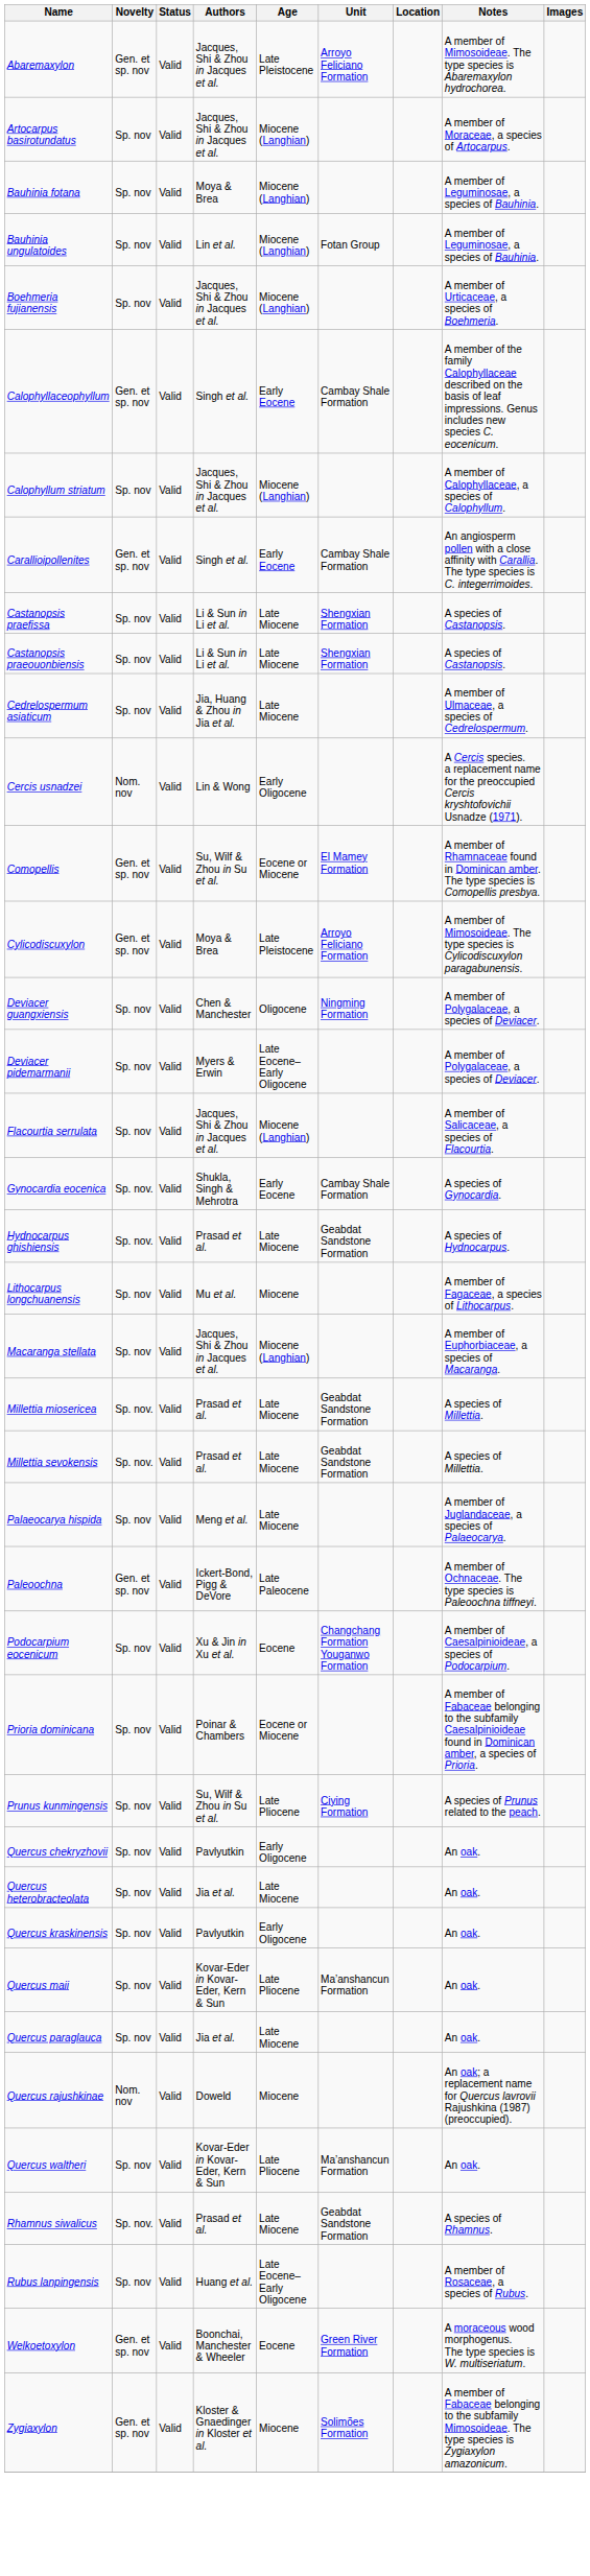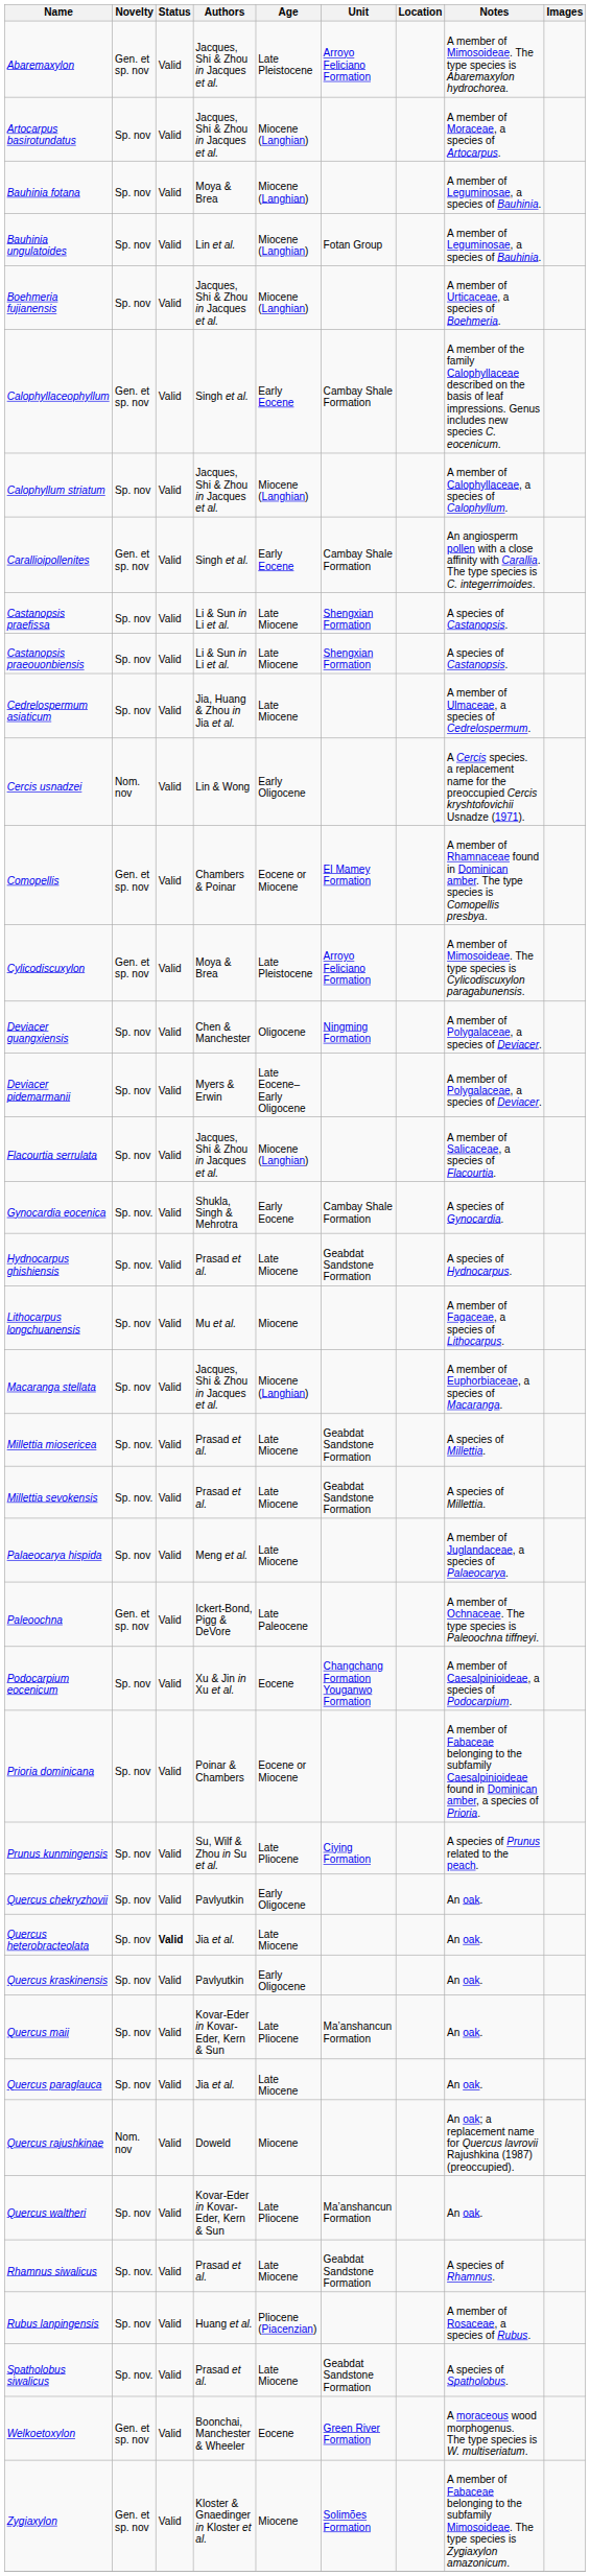 <table class="wikitable sortable" align="center" width="100%">
 <tr>
 <th>Name</th>
 <th>Novelty</th>
 <th>Status</th>
 <th>Authors</th>
 <th>Age</th>
 <th>Unit</th>
 <th>Location</th>
 <th>Notes</th>
 <th>Images</th>
 </tr>
 <tr>
 <td><br><em><a href='#'>Abaremaxylon</a></em></td>
 <td><br>Gen. et sp. nov</td>
 <td><br>Valid</td>
 <td><br>Jacques, Shi & Zhou <em>in</em> Jacques <em>et al.</em></td>
 <td><br>Late Pleistocene</td>
 <td><br><a href='#'>Arroyo Feliciano Formation</a></td>
 <td><br></td>
 <td><br>A member of <a href='#'>Mimosoideae</a>. The type species is <em>Abaremaxylon hydrochorea</em>.</td>
 <td></td>
 </tr>
 <tr>
 <td><br><em><a href='#'>Artocarpus basirotundatus</a></em></td>
 <td><br>Sp. nov</td>
 <td><br>Valid</td>
 <td><br>Jacques, Shi & Zhou <em>in</em> Jacques <em>et al.</em></td>
 <td><br>Miocene (<a href='#'>Langhian</a>)</td>
 <td></td>
 <td><br></td>
 <td><br>A member of <a href='#'>Moraceae</a>, a species of <em><a href='#'>Artocarpus</a></em>.</td>
 <td></td>
 </tr>
 <tr>
 <td><br><em><a href='#'>Bauhinia fotana</a></em></td>
 <td><br>Sp. nov</td>
 <td><br>Valid</td>
 <td><br>Moya & Brea</td>
 <td><br>Miocene (<a href='#'>Langhian</a>)</td>
 <td></td>
 <td><br></td>
 <td><br>A member of <a href='#'>Leguminosae</a>, a species of <em><a href='#'>Bauhinia</a></em>.</td>
 <td></td>
 </tr>
 <tr>
 <td><br><em><a href='#'>Bauhinia ungulatoides</a></em></td>
 <td><br>Sp. nov</td>
 <td><br>Valid</td>
 <td><br>Lin <em>et al.</em></td>
 <td><br>Miocene (<a href='#'>Langhian</a>)</td>
 <td><br>Fotan Group</td>
 <td><br></td>
 <td><br>A member of <a href='#'>Leguminosae</a>, a species of <em><a href='#'>Bauhinia</a></em>.</td>
 <td></td>
 </tr>
 <tr>
 <td><br><em><a href='#'>Boehmeria fujianensis</a></em></td>
 <td><br>Sp. nov</td>
 <td><br>Valid</td>
 <td><br>Jacques, Shi & Zhou <em>in</em> Jacques <em>et al.</em></td>
 <td><br>Miocene (<a href='#'>Langhian</a>)</td>
 <td></td>
 <td><br></td>
 <td><br>A member of <a href='#'>Urticaceae</a>, a species of <em><a href='#'>Boehmeria</a></em>.</td>
 <td></td>
 </tr>
 <tr>
 <td><br><em><a href='#'>Calophyllaceophyllum</a></em></td>
 <td><br>Gen. et sp. nov</td>
 <td><br>Valid</td>
 <td><br>Singh <em>et al.</em></td>
 <td><br>Early <a href='#'>Eocene</a></td>
 <td><br>Cambay Shale Formation</td>
 <td><br></td>
 <td><br>A member of the family <a href='#'>Calophyllaceae</a> described on the basis of leaf impressions. Genus includes new species <em>C. eocenicum</em>.</td>
 <td></td>
 </tr>
 <tr>
 <td><br><em><a href='#'>Calophyllum striatum</a></em></td>
 <td><br>Sp. nov</td>
 <td><br>Valid</td>
 <td><br>Jacques, Shi & Zhou <em>in</em> Jacques <em>et al.</em></td>
 <td><br>Miocene (<a href='#'>Langhian</a>)</td>
 <td></td>
 <td><br></td>
 <td><br>A member of <a href='#'>Calophyllaceae</a>, a species of <em><a href='#'>Calophyllum</a></em>.</td>
 <td></td>
 </tr>
 <tr>
 <td><br><em><a href='#'>Carallioipollenites</a></em></td>
 <td><br>Gen. et sp. nov</td>
 <td><br>Valid</td>
 <td><br>Singh <em>et al.</em></td>
 <td><br>Early <a href='#'>Eocene</a></td>
 <td><br>Cambay Shale Formation</td>
 <td><br></td>
 <td><br>An angiosperm <a href='#'>pollen</a> with a close affinity with <em><a href='#'>Carallia</a></em>.<br> The type species is <em>C. integerrimoides</em>.</td>
 <td></td>
 </tr>
 <tr>
 <td><br><em><a href='#'>Castanopsis praefissa</a></em></td>
 <td><br>Sp. nov</td>
 <td><br>Valid</td>
 <td><br>Li & Sun <em>in</em> Li <em>et al.</em></td>
 <td><br>Late Miocene</td>
 <td><br><a href='#'>Shengxian Formation</a></td>
 <td><br></td>
 <td><br>A species of <em><a href='#'>Castanopsis</a></em>.</td>
 <td></td>
 </tr>
 <tr>
 <td><br><em><a href='#'>Castanopsis praeouonbiensis</a></em></td>
 <td><br>Sp. nov</td>
 <td><br>Valid</td>
 <td><br>Li & Sun <em>in</em> Li <em>et al.</em></td>
 <td><br>Late Miocene</td>
 <td><br><a href='#'>Shengxian Formation</a></td>
 <td><br></td>
 <td><br>A species of <em><a href='#'>Castanopsis</a></em>.</td>
 <td></td>
 </tr>
 <tr>
 <td><br><em><a href='#'>Cedrelospermum asiaticum</a></em></td>
 <td><br>Sp. nov</td>
 <td><br>Valid</td>
 <td><br>Jia, Huang & Zhou <em>in</em> Jia <em>et al.</em></td>
 <td><br>Late Miocene</td>
 <td></td>
 <td><br></td>
 <td><br>A member of <a href='#'>Ulmaceae</a>, a species of <em><a href='#'>Cedrelospermum</a></em>.</td>
 <td></td>
 </tr>
 <tr>
 <td><br><em><a href='#'>Cercis usnadzei</a></em></td>
 <td><br>Nom. nov</td>
 <td><br>Valid</td>
 <td><br>Lin & Wong</td>
 <td><br>Early Oligocene</td>
 <td></td>
 <td><br></td>
 <td><br>A <em><a href='#'>Cercis</a></em> species.<br> a replacement name for the preoccupied <em>Cercis kryshtofovichii</em> Usnadze (<a href='#'>1971</a>).</td>
 <td></td>
 </tr>
 <tr>
 <td><br><em><a href='#'>Comopellis</a></em></td>
 <td><br>Gen. et sp. nov</td>
 <td><br>Valid</td>
-<td><br>Su, Wilf & Zhou <em>in</em> Su <em>et al.</em></td>
+<td><br>Chambers & Poinar</td>
 <td><br>Eocene or Miocene</td>
 <td><a href='#'>El Mamey Formation</a></td>
 <td><br></td>
 <td><br>A member of <a href='#'>Rhamnaceae</a> found in <a href='#'>Dominican amber</a>. The type species is <em>Comopellis presbya</em>.</td>
 <td></td>
 </tr>
 <tr>
 <td><br><em><a href='#'>Cylicodiscuxylon</a></em></td>
 <td><br>Gen. et sp. nov</td>
 <td><br>Valid</td>
 <td><br>Moya & Brea</td>
 <td><br>Late Pleistocene</td>
 <td><br><a href='#'>Arroyo Feliciano Formation</a></td>
 <td><br></td>
 <td><br>A member of <a href='#'>Mimosoideae</a>. The type species is <em>Cylicodiscuxylon paragabunensis</em>.</td>
 <td></td>
 </tr>
 <tr>
 <td><br><em><a href='#'>Deviacer guangxiensis</a></em></td>
 <td><br>Sp. nov</td>
 <td><br>Valid</td>
 <td><br>Chen & Manchester</td>
 <td><br>Oligocene</td>
 <td><br><a href='#'>Ningming Formation</a></td>
 <td><br></td>
 <td><br>A member of <a href='#'>Polygalaceae</a>, a species of <em><a href='#'>Deviacer</a></em>.</td>
 <td></td>
 </tr>
 <tr>
 <td><br><em><a href='#'>Deviacer pidemarmanii</a></em></td>
 <td><br>Sp. nov</td>
 <td><br>Valid</td>
 <td><br>Myers & Erwin</td>
 <td><br>Late Eocene–Early Oligocene</td>
 <td></td>
 <td><br></td>
 <td><br>A member of <a href='#'>Polygalaceae</a>, a species of <em><a href='#'>Deviacer</a></em>.</td>
 <td></td>
 </tr>
 <tr>
 <td><br><em><a href='#'>Flacourtia serrulata</a></em></td>
 <td><br>Sp. nov</td>
 <td><br>Valid</td>
 <td><br>Jacques, Shi & Zhou <em>in</em> Jacques <em>et al.</em></td>
 <td><br>Miocene (<a href='#'>Langhian</a>)</td>
 <td></td>
 <td><br></td>
 <td><br>A member of <a href='#'>Salicaceae</a>, a species of <em><a href='#'>Flacourtia</a></em>.</td>
 <td></td>
 </tr>
 <tr>
 <td><br><em><a href='#'>Gynocardia eocenica</a></em></td>
 <td><br>Sp. nov.</td>
 <td><br>Valid</td>
 <td><br>Shukla, Singh & Mehrotra</td>
 <td><br>Early Eocene</td>
 <td><br>Cambay Shale Formation</td>
 <td><br></td>
 <td><br>A species of <em><a href='#'>Gynocardia</a></em>.</td>
 <td></td>
 </tr>
 <tr>
 <td><br><em><a href='#'>Hydnocarpus ghishiensis</a></em></td>
 <td><br>Sp. nov.</td>
 <td><br>Valid</td>
 <td><br>Prasad <em>et al.</em></td>
 <td><br>Late Miocene</td>
 <td><br>Geabdat Sandstone Formation</td>
 <td><br></td>
 <td><br>A species of <em><a href='#'>Hydnocarpus</a></em>.</td>
 <td></td>
 </tr>
 <tr>
 <td><br><em><a href='#'>Lithocarpus longchuanensis</a></em></td>
 <td><br>Sp. nov</td>
 <td><br>Valid</td>
 <td><br>Mu <em>et al.</em></td>
 <td><br>Miocene</td>
 <td></td>
 <td><br></td>
 <td><br>A member of <a href='#'>Fagaceae</a>, a species of <em><a href='#'>Lithocarpus</a></em>.</td>
 <td></td>
 </tr>
 <tr>
 <td><br><em><a href='#'>Macaranga stellata</a></em></td>
 <td><br>Sp. nov</td>
 <td><br>Valid</td>
 <td><br>Jacques, Shi & Zhou <em>in</em> Jacques <em>et al.</em></td>
 <td><br>Miocene (<a href='#'>Langhian</a>)</td>
 <td></td>
 <td><br></td>
 <td><br>A member of <a href='#'>Euphorbiaceae</a>, a species of <em><a href='#'>Macaranga</a></em>.</td>
 <td></td>
 </tr>
 <tr>
 <td><br><em><a href='#'>Millettia miosericea</a></em></td>
 <td><br>Sp. nov.</td>
 <td><br>Valid</td>
 <td><br>Prasad <em>et al.</em></td>
 <td><br>Late Miocene</td>
 <td><br>Geabdat Sandstone Formation</td>
 <td><br></td>
 <td><br>A species of <em><a href='#'>Millettia</a></em>.</td>
 <td></td>
 </tr>
 <tr>
 <td><br><em><a href='#'>Millettia sevokensis</a></em></td>
 <td><br>Sp. nov.</td>
 <td><br>Valid</td>
 <td><br>Prasad <em>et al.</em></td>
 <td><br>Late Miocene</td>
 <td><br>Geabdat Sandstone Formation</td>
 <td><br></td>
 <td><br>A species of <em>Millettia</em>.</td>
 <td></td>
 </tr>
 <tr>
 <td><br><em><a href='#'>Palaeocarya hispida</a></em></td>
 <td><br>Sp. nov</td>
 <td><br>Valid</td>
 <td><br>Meng <em>et al.</em></td>
 <td><br>Late Miocene</td>
 <td></td>
 <td><br></td>
 <td><br>A member of <a href='#'>Juglandaceae</a>, a species of <em><a href='#'>Palaeocarya</a></em>.</td>
 <td></td>
 </tr>
 <tr>
 <td><br><em><a href='#'>Paleoochna</a></em></td>
 <td><br>Gen. et sp. nov</td>
 <td><br>Valid</td>
 <td><br>Ickert-Bond, Pigg & DeVore</td>
 <td><br>Late Paleocene</td>
 <td></td>
 <td><br></td>
 <td><br>A member of <a href='#'>Ochnaceae</a>. The type species is <em>Paleoochna tiffneyi</em>.</td>
 <td></td>
 </tr>
 <tr>
 <td><br><em><a href='#'>Podocarpium eocenicum</a></em></td>
 <td><br>Sp. nov</td>
 <td><br>Valid</td>
 <td><br>Xu & Jin <em>in</em> Xu <em>et al.</em></td>
 <td><br>Eocene</td>
 <td><br><a href='#'>Changchang Formation</a><br> <a href='#'>Youganwo Formation</a></td>
 <td><br></td>
 <td><br>A member of <a href='#'>Caesalpinioideae</a>, a species of <em><a href='#'>Podocarpium</a></em>.</td>
 <td></td>
 </tr>
 <tr>
 <td><br><em><a href='#'>Prioria dominicana</a></em></td>
 <td><br>Sp. nov</td>
 <td><br>Valid</td>
 <td><br>Poinar & Chambers</td>
 <td><br>Eocene or Miocene</td>
 <td></td>
 <td><br></td>
 <td><br>A member of <a href='#'>Fabaceae</a> belonging to the subfamily <a href='#'>Caesalpinioideae</a> found in <a href='#'>Dominican amber</a>, a species of <em><a href='#'>Prioria</a></em>.</td>
 <td></td>
 </tr>
 <tr>
 <td><br><em><a href='#'>Prunus kunmingensis</a></em></td>
 <td><br>Sp. nov</td>
 <td><br>Valid</td>
 <td><br>Su, Wilf & Zhou <em>in</em> Su <em>et al.</em></td>
 <td><br>Late Pliocene</td>
 <td><br><a href='#'>Ciying Formation</a></td>
 <td><br></td>
 <td><br>A species of <em><a href='#'>Prunus</a></em> related to the <a href='#'>peach</a>.</td>
 <td></td>
 </tr>
 <tr>
 <td><br><em><a href='#'>Quercus chekryzhovii</a></em></td>
 <td><br>Sp. nov</td>
 <td><br>Valid</td>
 <td><br>Pavlyutkin</td>
 <td><br>Early Oligocene</td>
 <td></td>
 <td><br></td>
 <td><br>An <a href='#'>oak</a>.</td>
 <td></td>
 </tr>
 <tr>
 <td><br><em><a href='#'>Quercus heterobracteolata</a></em></td>
 <td><br>Sp. nov</td>
-<td><br>Valid</td>
+<td><strong><br>Valid</strong></td>
 <td><br>Jia <em>et al.</em></td>
 <td><br>Late Miocene</td>
 <td></td>
 <td><br></td>
 <td><br>An <a href='#'>oak</a>.</td>
 <td></td>
 </tr>
 <tr>
 <td><br><em><a href='#'>Quercus kraskinensis</a></em></td>
 <td><br>Sp. nov</td>
 <td><br>Valid</td>
 <td><br>Pavlyutkin</td>
 <td><br>Early Oligocene</td>
 <td></td>
 <td><br></td>
 <td><br>An <a href='#'>oak</a>.</td>
 <td></td>
 </tr>
 <tr>
 <td><br><em><a href='#'>Quercus maii</a></em></td>
 <td><br>Sp. nov</td>
 <td><br>Valid</td>
 <td><br>Kovar-Eder <em>in</em> Kovar-Eder, Kern & Sun</td>
 <td><br>Late Pliocene</td>
 <td><br>Ma’anshancun Formation</td>
 <td><br></td>
 <td><br>An <a href='#'>oak</a>.</td>
 <td></td>
 </tr>
 <tr>
 <td><br><em><a href='#'>Quercus paraglauca</a></em></td>
 <td><br>Sp. nov</td>
 <td><br>Valid</td>
 <td><br>Jia <em>et al.</em></td>
 <td><br>Late Miocene</td>
 <td></td>
 <td><br></td>
 <td><br>An <a href='#'>oak</a>.</td>
 <td></td>
 </tr>
 <tr>
 <td><br><em><a href='#'>Quercus rajushkinae</a></em></td>
 <td><br>Nom. nov</td>
 <td><br>Valid</td>
 <td><br>Doweld</td>
 <td><br>Miocene</td>
 <td></td>
 <td><br></td>
 <td><br>An <a href='#'>oak</a>; a replacement name for <em>Quercus lavrovii</em> Rajushkina (1987) (preoccupied).</td>
 <td></td>
 </tr>
 <tr>
 <td><br><em><a href='#'>Quercus waltheri</a></em></td>
 <td><br>Sp. nov</td>
 <td><br>Valid</td>
 <td><br>Kovar-Eder <em>in</em> Kovar-Eder, Kern & Sun</td>
 <td><br>Late Pliocene</td>
 <td><br>Ma’anshancun Formation</td>
 <td><br></td>
 <td><br>An <a href='#'>oak</a>.</td>
 <td></td>
 </tr>
 <tr>
 <td><br><em><a href='#'>Rhamnus siwalicus</a></em></td>
 <td><br>Sp. nov.</td>
 <td><br>Valid</td>
 <td><br>Prasad <em>et al.</em></td>
 <td><br>Late Miocene</td>
 <td><br>Geabdat Sandstone Formation</td>
 <td><br></td>
 <td><br>A species of <em><a href='#'>Rhamnus</a></em>.</td>
 <td></td>
 </tr>
 <tr>
 <td><br><em><a href='#'>Rubus lanpingensis</a></em></td>
 <td><br>Sp. nov</td>
 <td><br>Valid</td>
 <td><br>Huang <em>et al.</em></td>
-<td><br>Late Eocene–Early Oligocene</td>
+<td><br>Pliocene (<a href='#'>Piacenzian</a>)</td>
 <td></td>
 <td><br></td>
 <td><br>A member of <a href='#'>Rosaceae</a>, a species of <em><a href='#'>Rubus</a></em>.</td>
+<td></td>
+</tr>
+<tr>
+<td><br><em><a href='#'>Spatholobus siwalicus</a></em></td>
+<td><br>Sp. nov.</td>
+<td><br>Valid</td>
+<td><br>Prasad <em>et al.</em></td>
+<td><br>Late Miocene</td>
+<td><br>Geabdat Sandstone Formation</td>
+<td><br></td>
+<td><br>A species of <em><a href='#'>Spatholobus</a></em>.</td>
 <td></td>
 </tr>
 <tr>
 <td><br><em><a href='#'>Welkoetoxylon</a></em></td>
 <td><br>Gen. et sp. nov</td>
 <td><br>Valid</td>
 <td><br>Boonchai, Manchester & Wheeler</td>
 <td><br>Eocene</td>
 <td><br><a href='#'>Green River Formation</a></td>
 <td><br><br></td>
 <td><br>A <a href='#'>moraceous</a> wood morphogenus.<br> The type species is <em>W. multiseriatum</em>.</td>
 <td></td>
 </tr>
 <tr>
 <td><br><em><a href='#'>Zygiaxylon</a></em></td>
 <td><br>Gen. et sp. nov</td>
 <td><br>Valid</td>
 <td><br>Kloster & Gnaedinger <em>in</em> Kloster <em>et al.</em></td>
 <td><br>Miocene</td>
 <td><br><a href='#'>Solimões Formation</a></td>
 <td><br></td>
 <td><br>A member of <a href='#'>Fabaceae</a> belonging to the subfamily <a href='#'>Mimosoideae</a>. The type species is <em>Zygiaxylon amazonicum</em>.</td>
 <td></td>
 </tr>
 <tr>
 </tr>
 </table>
